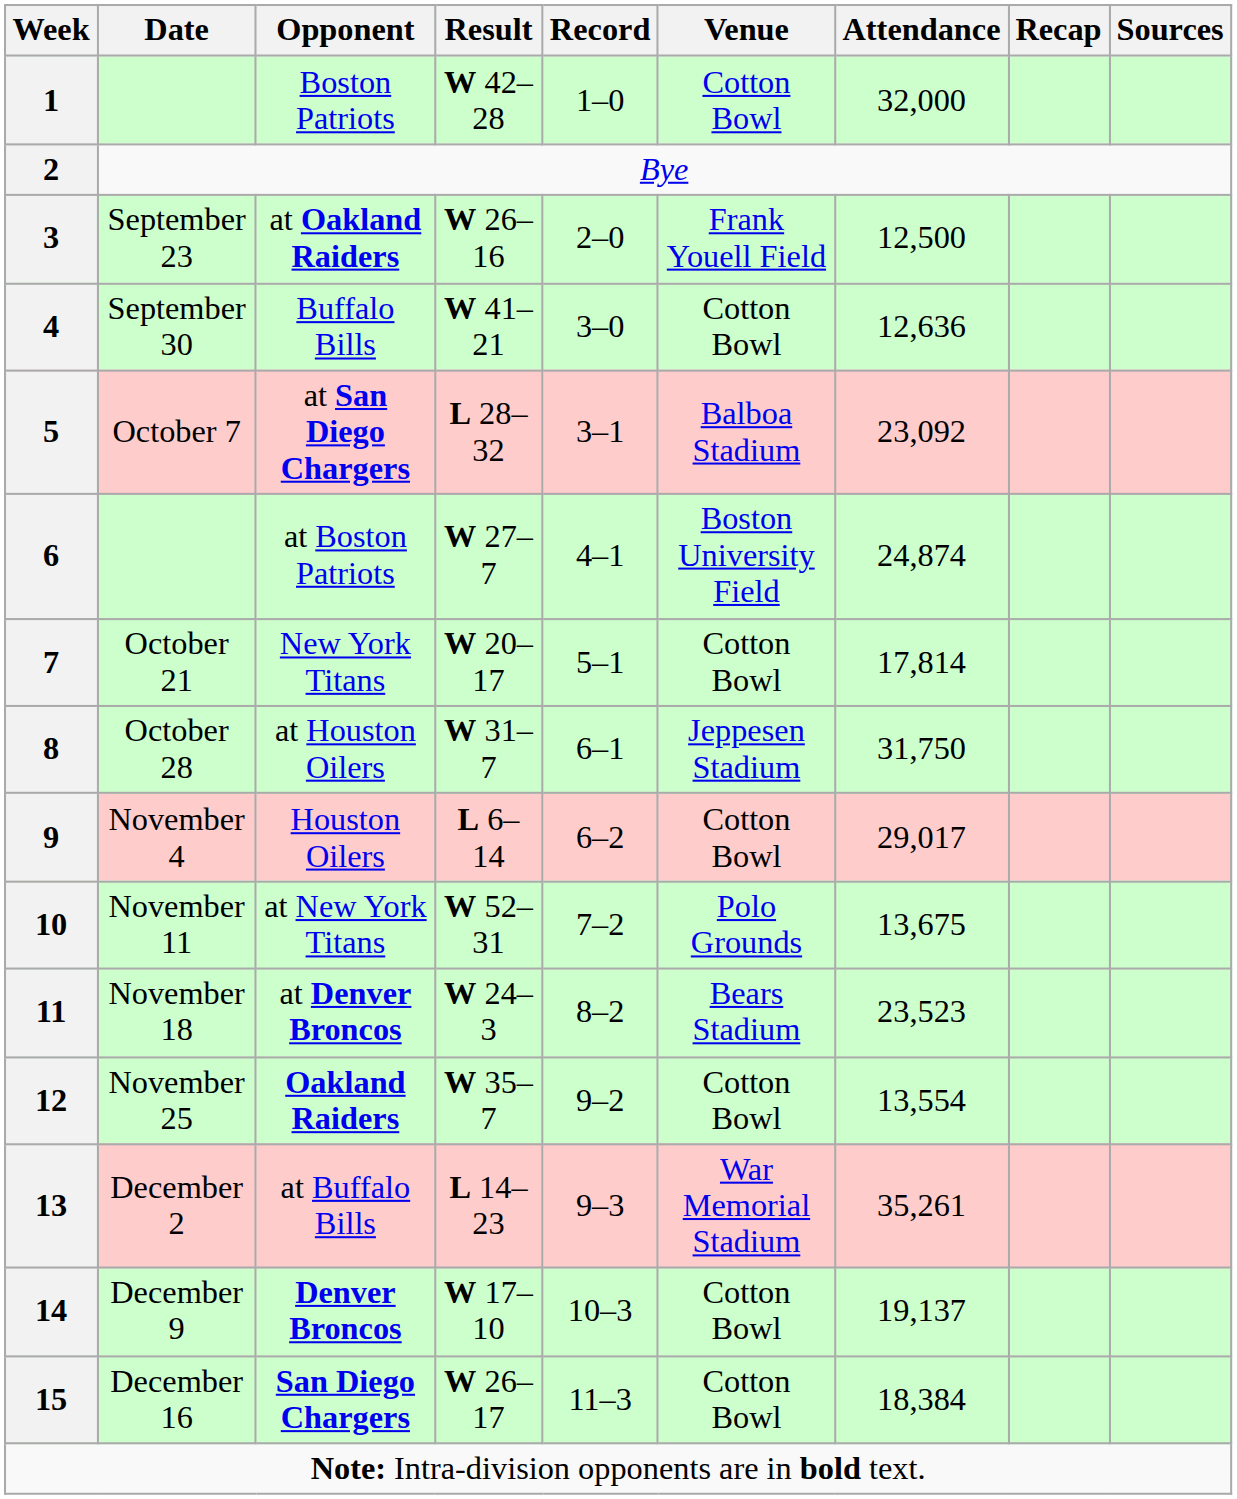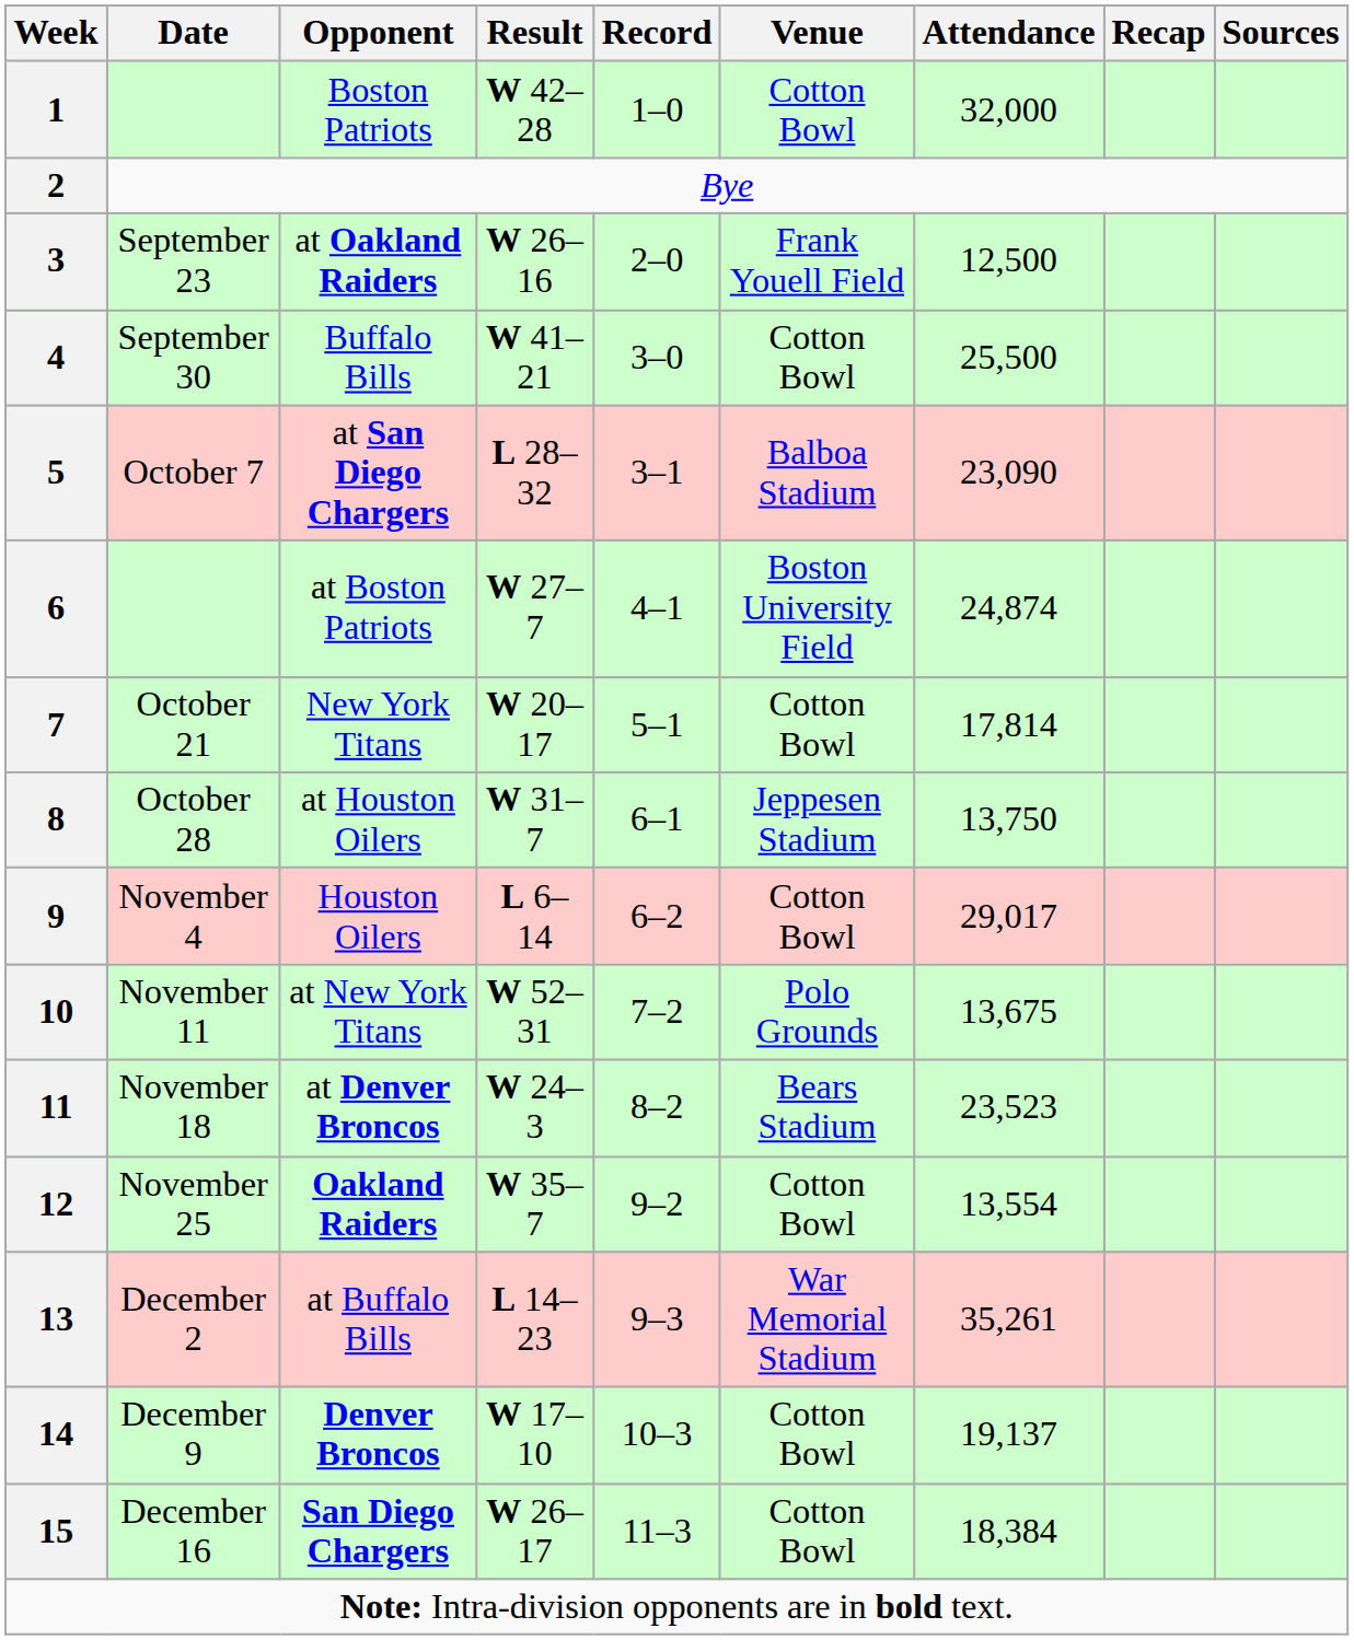 <table class="wikitable" style="text-align:center">
 <tr>
 <th>Week</th>
 <th>Date</th>
 <th>Opponent</th>
 <th>Result</th>
 <th>Record</th>
 <th>Venue</th>
 <th>Attendance</th>
 <th>Recap</th>
 <th>Sources</th>
 </tr>
 <tr style="background:#cfc">
 <th>1</th>
 <td></td>
 <td><a href='#'>Boston Patriots</a></td>
 <td><strong>W</strong> 42–28</td>
 <td>1–0</td>
 <td><a href='#'>Cotton Bowl</a></td>
 <td>32,000</td>
 <td></td>
 <td></td>
 </tr>
 <tr>
 <th>2</th>
 <td colspan="8"><em><a href='#'>Bye</a></em></td>
 </tr>
 <tr style="background:#cfc">
 <th>3</th>
 <td>September 23</td>
 <td>at <strong><a href='#'>Oakland Raiders</a></strong></td>
 <td><strong>W</strong> 26–16</td>
 <td>2–0</td>
 <td><a href='#'>Frank Youell Field</a></td>
 <td>12,500</td>
 <td></td>
 <td></td>
 </tr>
 <tr style="background:#cfc">
 <th>4</th>
 <td>September 30</td>
 <td><a href='#'>Buffalo Bills</a></td>
 <td><strong>W</strong> 41–21</td>
 <td>3–0</td>
 <td>Cotton Bowl</td>
-<td>12,636</td>
+<td>25,500</td>
 <td></td>
 <td></td>
 </tr>
 <tr style="background:#fcc">
 <th>5</th>
 <td>October 7</td>
 <td>at <strong><a href='#'>San Diego Chargers</a></strong></td>
 <td><strong>L</strong> 28–32</td>
 <td>3–1</td>
 <td><a href='#'>Balboa Stadium</a></td>
-<td>23,092</td>
+<td>23,090</td>
 <td></td>
 <td></td>
 </tr>
 <tr style="background:#cfc">
 <th>6</th>
 <td></td>
 <td>at <a href='#'>Boston Patriots</a></td>
 <td><strong>W</strong> 27–7</td>
 <td>4–1</td>
 <td><a href='#'>Boston University Field</a></td>
 <td>24,874</td>
 <td></td>
 <td></td>
 </tr>
 <tr style="background:#cfc">
 <th>7</th>
 <td>October 21</td>
 <td><a href='#'>New York Titans</a></td>
 <td><strong>W</strong> 20–17</td>
 <td>5–1</td>
 <td>Cotton Bowl</td>
 <td>17,814</td>
 <td></td>
 <td></td>
 </tr>
 <tr style="background:#cfc">
 <th>8</th>
 <td>October 28</td>
 <td>at <a href='#'>Houston Oilers</a></td>
 <td><strong>W</strong> 31–7</td>
 <td>6–1</td>
 <td><a href='#'>Jeppesen Stadium</a></td>
-<td>31,750</td>
+<td>13,750</td>
 <td></td>
 <td></td>
 </tr>
 <tr style="background:#fcc">
 <th>9</th>
 <td>November 4</td>
 <td><a href='#'>Houston Oilers</a></td>
 <td><strong>L</strong> 6–14</td>
 <td>6–2</td>
 <td>Cotton Bowl</td>
 <td>29,017</td>
 <td></td>
 <td></td>
 </tr>
 <tr style="background:#cfc">
 <th>10</th>
 <td>November 11</td>
 <td>at <a href='#'>New York Titans</a></td>
 <td><strong>W</strong> 52–31</td>
 <td>7–2</td>
 <td><a href='#'>Polo Grounds</a></td>
 <td>13,675</td>
 <td></td>
 <td></td>
 </tr>
 <tr style="background:#cfc">
 <th>11</th>
 <td>November 18</td>
 <td>at <strong><a href='#'>Denver Broncos</a></strong></td>
 <td><strong>W</strong> 24–3</td>
 <td>8–2</td>
 <td><a href='#'>Bears Stadium</a></td>
 <td>23,523</td>
 <td></td>
 <td></td>
 </tr>
 <tr style="background:#cfc">
 <th>12</th>
 <td>November 25</td>
 <td><strong><a href='#'>Oakland Raiders</a></strong></td>
 <td><strong>W</strong> 35–7</td>
 <td>9–2</td>
 <td>Cotton Bowl</td>
 <td>13,554</td>
 <td></td>
 <td></td>
 </tr>
 <tr style="background:#fcc">
 <th>13</th>
 <td>December 2</td>
 <td>at <a href='#'>Buffalo Bills</a></td>
 <td><strong>L</strong> 14–23</td>
 <td>9–3</td>
 <td><a href='#'>War Memorial Stadium</a></td>
 <td>35,261</td>
 <td></td>
 <td></td>
 </tr>
 <tr style="background:#cfc">
 <th>14</th>
 <td>December 9</td>
 <td><strong><a href='#'>Denver Broncos</a></strong></td>
 <td><strong>W</strong> 17–10</td>
 <td>10–3</td>
 <td>Cotton Bowl</td>
 <td>19,137</td>
 <td></td>
 <td></td>
 </tr>
 <tr style="background:#cfc">
 <th>15</th>
 <td>December 16</td>
 <td><strong><a href='#'>San Diego Chargers</a></strong></td>
 <td><strong>W</strong> 26–17</td>
 <td>11–3</td>
 <td>Cotton Bowl</td>
 <td>18,384</td>
 <td></td>
 <td></td>
 </tr>
 <tr>
 <td colspan="10"><strong>Note:</strong> Intra-division opponents are in <strong>bold</strong> text.</td>
 </tr>
 </table>
